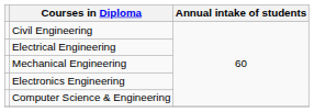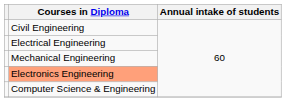 <table class="wikitable">
 <tr>
 <th></th>
 <th>Courses in <a href='#'>Diploma</a></th>
 <th>Annual intake of students</th>
 </tr>
 <tr>
 <td></td>
 <td>Civil Engineering</td>
 <td rowspan="5" style="text-align:center;">60</td>
 </tr>
 <tr>
 <td></td>
 <td>Electrical Engineering</td>
 </tr>
 <tr>
 <td></td>
 <td>Mechanical Engineering</td>
 </tr>
 <tr>
 <td></td>
-<td>Electronics Engineering</td>
+<td style="background: lightsalmon;">Electronics Engineering</td>
 </tr>
 <tr>
 <td></td>
 <td>Computer Science & Engineering</td>
 </tr>
 <tr>
 </tr>
 </table>
